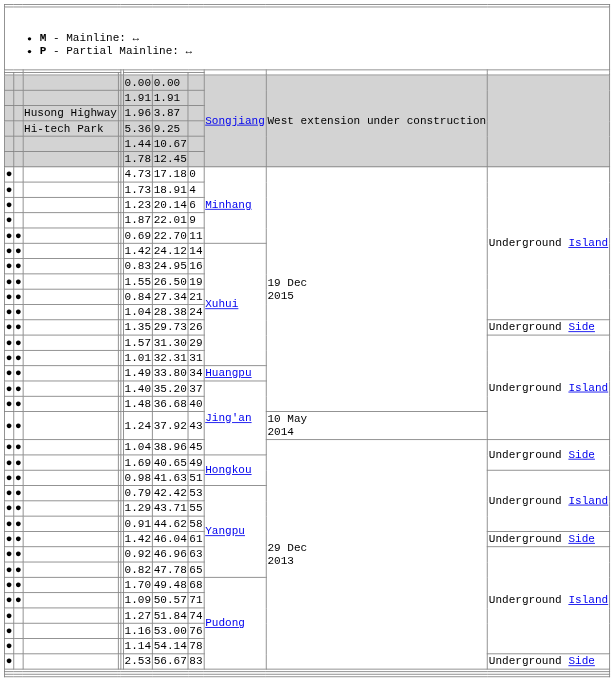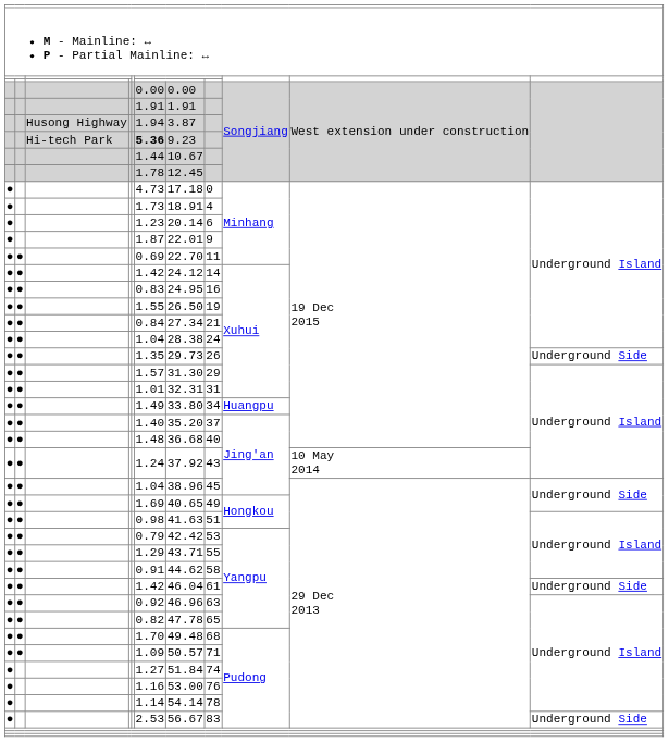 <table border=1 style="border-collapse: collapse;" class="mw-collapsible">
 <tr>
 <th colspan="11" style="text-align: center"></th>
 </tr>
 <tr>
 <td colspan="11" style="text-align: left"><br><ul><li><strong>M</strong> - Mainline:  ↔ </li><li><strong>P</strong> - Partial Mainline:  ↔ </li></ul></td>
 </tr>
 <tr>
 <th rowspan="1" colspan="2"></th>
 <th colspan="2"></th>
 <th rowspan="2"></th>
 <th colspan="3" rowspan="1"></th>
 <th rowspan="2"></th>
 <th rowspan="2"></th>
 <th rowspan="2"></th>
 </tr>
 <tr>
 <th rowspan="1"></th>
 <th rowspan="1"></th>
 <th></th>
 <th></th>
 <th colspan="2"></th>
 <th></th>
 </tr>
 <tr bgcolor="lightgrey">
 <td align="center"></td>
 <td align="center"></td>
 <td></td>
 <td></td>
 <td></td>
 <td>0.00</td>
 <td>0.00</td>
 <td></td>
 <td rowspan=6><a href='#'>Songjiang</a></td>
 <td rowspan=6>West extension under construction</td>
 <td rowspan=6></td>
 </tr>
 <tr bgcolor="lightgrey">
 <td align="center"></td>
 <td align="center"></td>
 <td></td>
 <td></td>
 <td></td>
 <td>1.91</td>
 <td>1.91</td>
 <td></td>
 </tr>
 <tr bgcolor="lightgrey">
 <td align="center"></td>
 <td align="center"></td>
 <td>Husong Highway</td>
 <td></td>
 <td></td>
-<td>1.96</td>
+<td>1.94</td>
 <td>3.87</td>
 <td></td>
 </tr>
 <tr bgcolor="lightgrey">
 <td align="center"></td>
 <td align="center"></td>
 <td>Hi-tech Park</td>
 <td></td>
 <td></td>
-<td>5.36</td>
-<td>9.25</td>
+<td><strong>5.36</strong></td>
+<td>9.23</td>
 <td></td>
 </tr>
 <tr bgcolor="lightgrey">
 <td align="center"></td>
 <td align="center"></td>
 <td></td>
 <td></td>
 <td></td>
 <td>1.44</td>
 <td>10.67</td>
 <td></td>
 </tr>
 <tr bgcolor="lightgrey">
 <td align="center"></td>
 <td align="center"></td>
 <td></td>
 <td></td>
 <td></td>
 <td>1.78</td>
 <td>12.45</td>
 <td></td>
 </tr>
 <tr>
 <td align="center">●</td>
 <td align="center"></td>
 <td></td>
 <td></td>
 <td></td>
 <td>4.73</td>
 <td>17.18</td>
 <td>0</td>
 <td rowspan=5><a href='#'>Minhang</a></td>
 <td rowspan=16>19 Dec<br> 2015</td>
 <td rowspan=10>Underground <a href='#'>Island</a></td>
 </tr>
 <tr>
 <td align="center">●</td>
 <td align="center"></td>
 <td></td>
 <td></td>
 <td></td>
 <td>1.73</td>
 <td>18.91</td>
 <td>4</td>
 </tr>
 <tr>
 <td align="center">●</td>
 <td align="center"></td>
 <td></td>
 <td></td>
 <td></td>
 <td>1.23</td>
 <td>20.14</td>
 <td>6</td>
 </tr>
 <tr>
 <td align="center">●</td>
 <td align="center"></td>
 <td></td>
 <td></td>
 <td></td>
 <td>1.87</td>
 <td>22.01</td>
 <td>9</td>
 </tr>
 <tr>
 <td align="center">●</td>
 <td align="center">●</td>
 <td></td>
 <td></td>
 <td></td>
 <td>0.69</td>
 <td>22.70</td>
 <td>11</td>
 </tr>
 <tr>
 <td align="center">●</td>
 <td align="center">●</td>
 <td></td>
 <td></td>
 <td></td>
 <td>1.42</td>
 <td>24.12</td>
 <td>14</td>
 <td rowspan=8><a href='#'>Xuhui</a></td>
 </tr>
 <tr>
 <td align="center">●</td>
 <td align="center">●</td>
 <td></td>
 <td></td>
 <td></td>
 <td>0.83</td>
 <td>24.95</td>
 <td>16</td>
 </tr>
 <tr>
 <td align="center">●</td>
 <td align="center">●</td>
 <td></td>
 <td></td>
 <td></td>
 <td>1.55</td>
 <td>26.50</td>
 <td>19</td>
 </tr>
 <tr>
 <td align="center">●</td>
 <td align="center">●</td>
 <td></td>
 <td></td>
 <td></td>
 <td>0.84</td>
 <td>27.34</td>
 <td>21</td>
 </tr>
 <tr>
 <td align="center">●</td>
 <td align="center">●</td>
 <td></td>
 <td></td>
 <td></td>
 <td>1.04</td>
 <td>28.38</td>
 <td>24</td>
 </tr>
 <tr>
 <td align="center">●</td>
 <td align="center">●</td>
 <td></td>
 <td></td>
 <td></td>
 <td>1.35</td>
 <td>29.73</td>
 <td>26</td>
 <td>Underground <a href='#'>Side</a></td>
 </tr>
 <tr>
 <td align="center">●</td>
 <td align="center">●</td>
 <td></td>
 <td></td>
 <td></td>
 <td>1.57</td>
 <td>31.30</td>
 <td>29</td>
 <td rowspan=6>Underground <a href='#'>Island</a></td>
 </tr>
 <tr>
 <td align="center">●</td>
 <td align="center">●</td>
 <td></td>
 <td></td>
 <td></td>
 <td>1.01</td>
 <td>32.31</td>
 <td>31</td>
 </tr>
 <tr>
 <td align="center">●</td>
 <td align="center">●</td>
 <td></td>
 <td></td>
 <td> </td>
 <td>1.49</td>
 <td>33.80</td>
 <td>34</td>
 <td rowspan=1><a href='#'>Huangpu</a></td>
 </tr>
 <tr>
 <td align="center">●</td>
 <td align="center">●</td>
 <td></td>
 <td></td>
 <td> </td>
 <td>1.40</td>
 <td>35.20</td>
 <td>37</td>
 <td rowspan=4><a href='#'>Jing'an</a></td>
 </tr>
 <tr>
 <td align="center">●</td>
 <td align="center">●</td>
 <td></td>
 <td></td>
 <td> </td>
 <td>1.48</td>
 <td>36.68</td>
 <td>40</td>
 </tr>
 <tr>
 <td align="center">●</td>
 <td align="center">●</td>
 <td></td>
 <td></td>
 <td></td>
 <td>1.24</td>
 <td>37.92</td>
 <td>43</td>
 <td>10 May<br> 2014</td>
 </tr>
 <tr>
 <td align="center">●</td>
 <td align="center">●</td>
 <td></td>
 <td></td>
 <td></td>
 <td>1.04</td>
 <td>38.96</td>
 <td>45</td>
 <td rowspan=15>29 Dec<br> 2013</td>
 <td rowspan=2>Underground <a href='#'>Side</a></td>
 </tr>
 <tr>
 <td align="center">●</td>
 <td align="center">●</td>
 <td></td>
 <td></td>
 <td></td>
 <td>1.69</td>
 <td>40.65</td>
 <td>49</td>
 <td rowspan=2><a href='#'>Hongkou</a></td>
 </tr>
 <tr>
 <td align="center">●</td>
 <td align="center">●</td>
 <td></td>
 <td></td>
 <td></td>
 <td>0.98</td>
 <td>41.63</td>
 <td>51</td>
 <td rowspan=4>Underground <a href='#'>Island</a></td>
 </tr>
 <tr>
 <td align="center">●</td>
 <td align="center">●</td>
 <td></td>
 <td></td>
 <td></td>
 <td>0.79</td>
 <td>42.42</td>
 <td>53</td>
 <td rowspan=6><a href='#'>Yangpu</a></td>
 </tr>
 <tr>
 <td align="center">●</td>
 <td align="center">●</td>
 <td></td>
 <td></td>
 <td></td>
 <td>1.29</td>
 <td>43.71</td>
 <td>55</td>
 </tr>
 <tr>
 <td align="center">●</td>
 <td align="center">●</td>
 <td></td>
 <td></td>
 <td></td>
 <td>0.91</td>
 <td>44.62</td>
 <td>58</td>
 </tr>
 <tr>
 <td align="center">●</td>
 <td align="center">●</td>
 <td></td>
 <td></td>
 <td></td>
 <td>1.42</td>
 <td>46.04</td>
 <td>61</td>
 <td>Underground <a href='#'>Side</a></td>
 </tr>
 <tr>
 <td align="center">●</td>
 <td align="center">●</td>
 <td></td>
 <td></td>
 <td></td>
 <td>0.92</td>
 <td>46.96</td>
 <td>63</td>
 <td rowspan=7>Underground <a href='#'>Island</a></td>
 </tr>
 <tr>
 <td align="center">●</td>
 <td align="center">●</td>
 <td></td>
 <td></td>
 <td></td>
 <td>0.82</td>
 <td>47.78</td>
 <td>65</td>
 </tr>
 <tr>
 <td align="center">●</td>
 <td align="center">●</td>
 <td></td>
 <td></td>
 <td></td>
 <td>1.70</td>
 <td>49.48</td>
 <td>68</td>
 <td rowspan=6><a href='#'>Pudong</a></td>
 </tr>
 <tr>
 <td align="center">●</td>
 <td align="center">●</td>
 <td></td>
 <td></td>
 <td></td>
 <td>1.09</td>
 <td>50.57</td>
 <td>71</td>
 </tr>
 <tr>
 <td align="center">●</td>
 <td align="center"></td>
 <td></td>
 <td></td>
 <td></td>
 <td>1.27</td>
 <td>51.84</td>
 <td>74</td>
 </tr>
 <tr>
 <td align="center">●</td>
 <td align="center"></td>
 <td></td>
 <td></td>
 <td></td>
 <td>1.16</td>
 <td>53.00</td>
 <td>76</td>
 </tr>
 <tr>
 <td align="center">●</td>
 <td align="center"></td>
 <td></td>
 <td></td>
 <td></td>
 <td>1.14</td>
 <td>54.14</td>
 <td>78</td>
 </tr>
 <tr>
 <td align="center">●</td>
 <td align="center"></td>
 <td></td>
 <td></td>
 <td></td>
 <td>2.53</td>
 <td>56.67</td>
 <td>83</td>
 <td>Underground <a href='#'>Side</a></td>
 </tr>
 <tr style="background:#">
 <td colspan = "11"></td>
 </tr>
 <tr>
 <td colspan = "11"></td>
 </tr>
 <tr style="background: #">
 <td colspan = "11"></td>
 </tr>
 </table>
